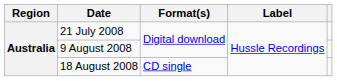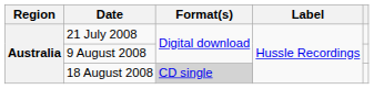 <table class="wikitable plainrowheaders">
 <tr>
 <th scope="col">Region</th>
 <th scope="col">Date</th>
 <th scope="col">Format(s)</th>
 <th scope="col">Label</th>
 <th scope="col"></th>
 </tr>
 <tr>
 <th scope="row" rowspan="3">Australia</th>
 <td>21 July 2008</td>
 <td rowspan="2"><a href='#'>Digital download</a></td>
 <td rowspan="3"><a href='#'>Hussle Recordings</a></td>
 <td></td>
 </tr>
 <tr>
 <td>9 August 2008</td>
 <td></td>
 </tr>
 <tr>
 <td>18 August 2008</td>
-<td><a href='#'>CD single</a></td>
+<td style="background: lightgrey;"><a href='#'>CD single</a></td>
 <td></td>
 </tr>
 </table>
